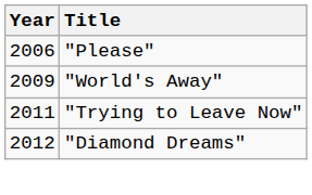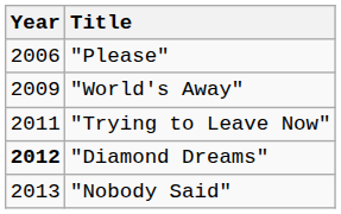 <table class="wikitable">
 <tr>
 <th style="text-align:left; vertical-align:top;">Year</th>
 <th style="text-align:left; vertical-align:top;">Title</th>
 </tr>
 <tr>
 <td style="vertical-align:top;">2006</td>
 <td style="text-align:left;">"Please"</td>
 </tr>
 <tr>
 <td style="vertical-align:top;">2009</td>
 <td style="text-align:left;">"World's Away"</td>
 </tr>
 <tr>
 <td style="vertical-align:top;">2011</td>
 <td style="text-align:left;">"Trying to Leave Now"</td>
 </tr>
 <tr>
-<td style="vertical-align:top;">2012</td>
+<td style="vertical-align:top;"><strong>2012</strong></td>
 <td style="text-align:left;">"Diamond Dreams"</td>
 </tr>
+<tr>
+<td style="vertical-align:top;">2013</td>
+<td style="text-align:left;">"Nobody Said"</td>
+</tr>
 </table>
